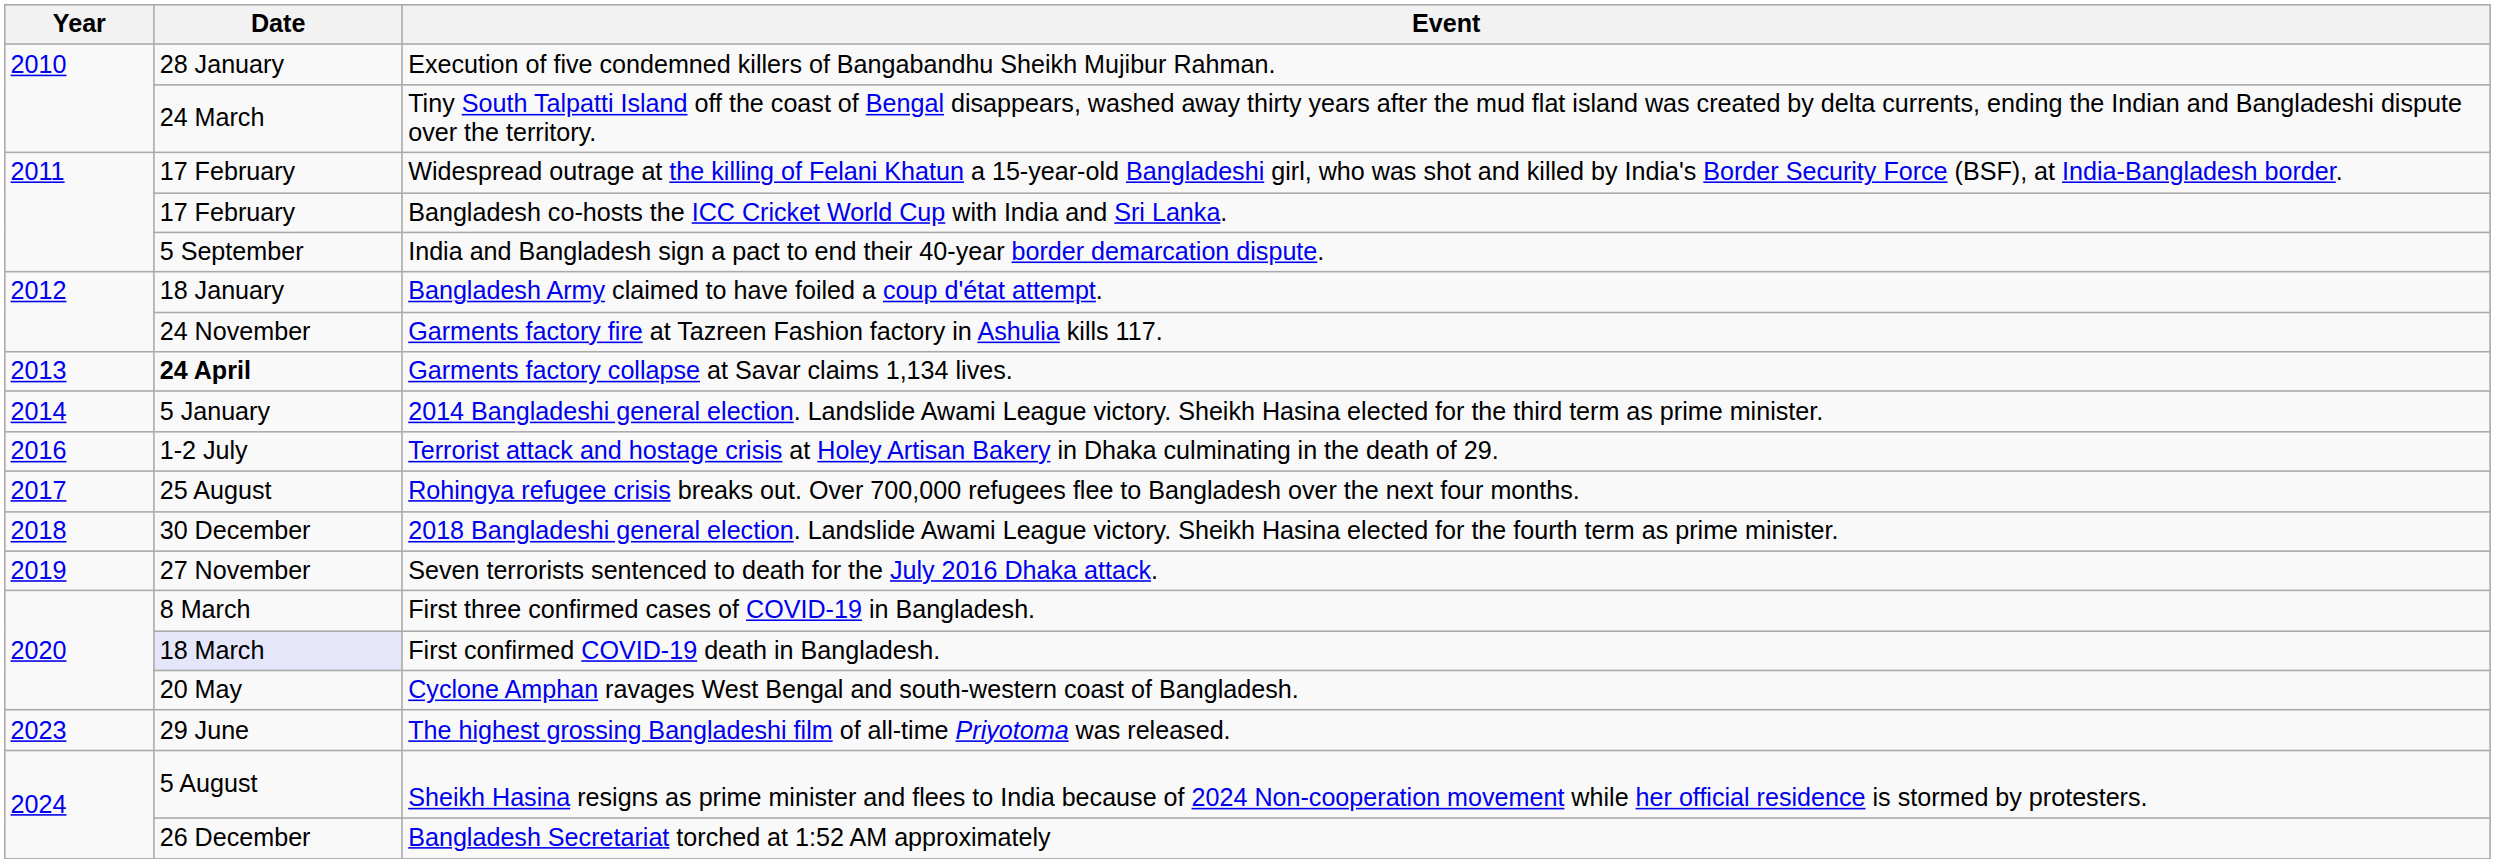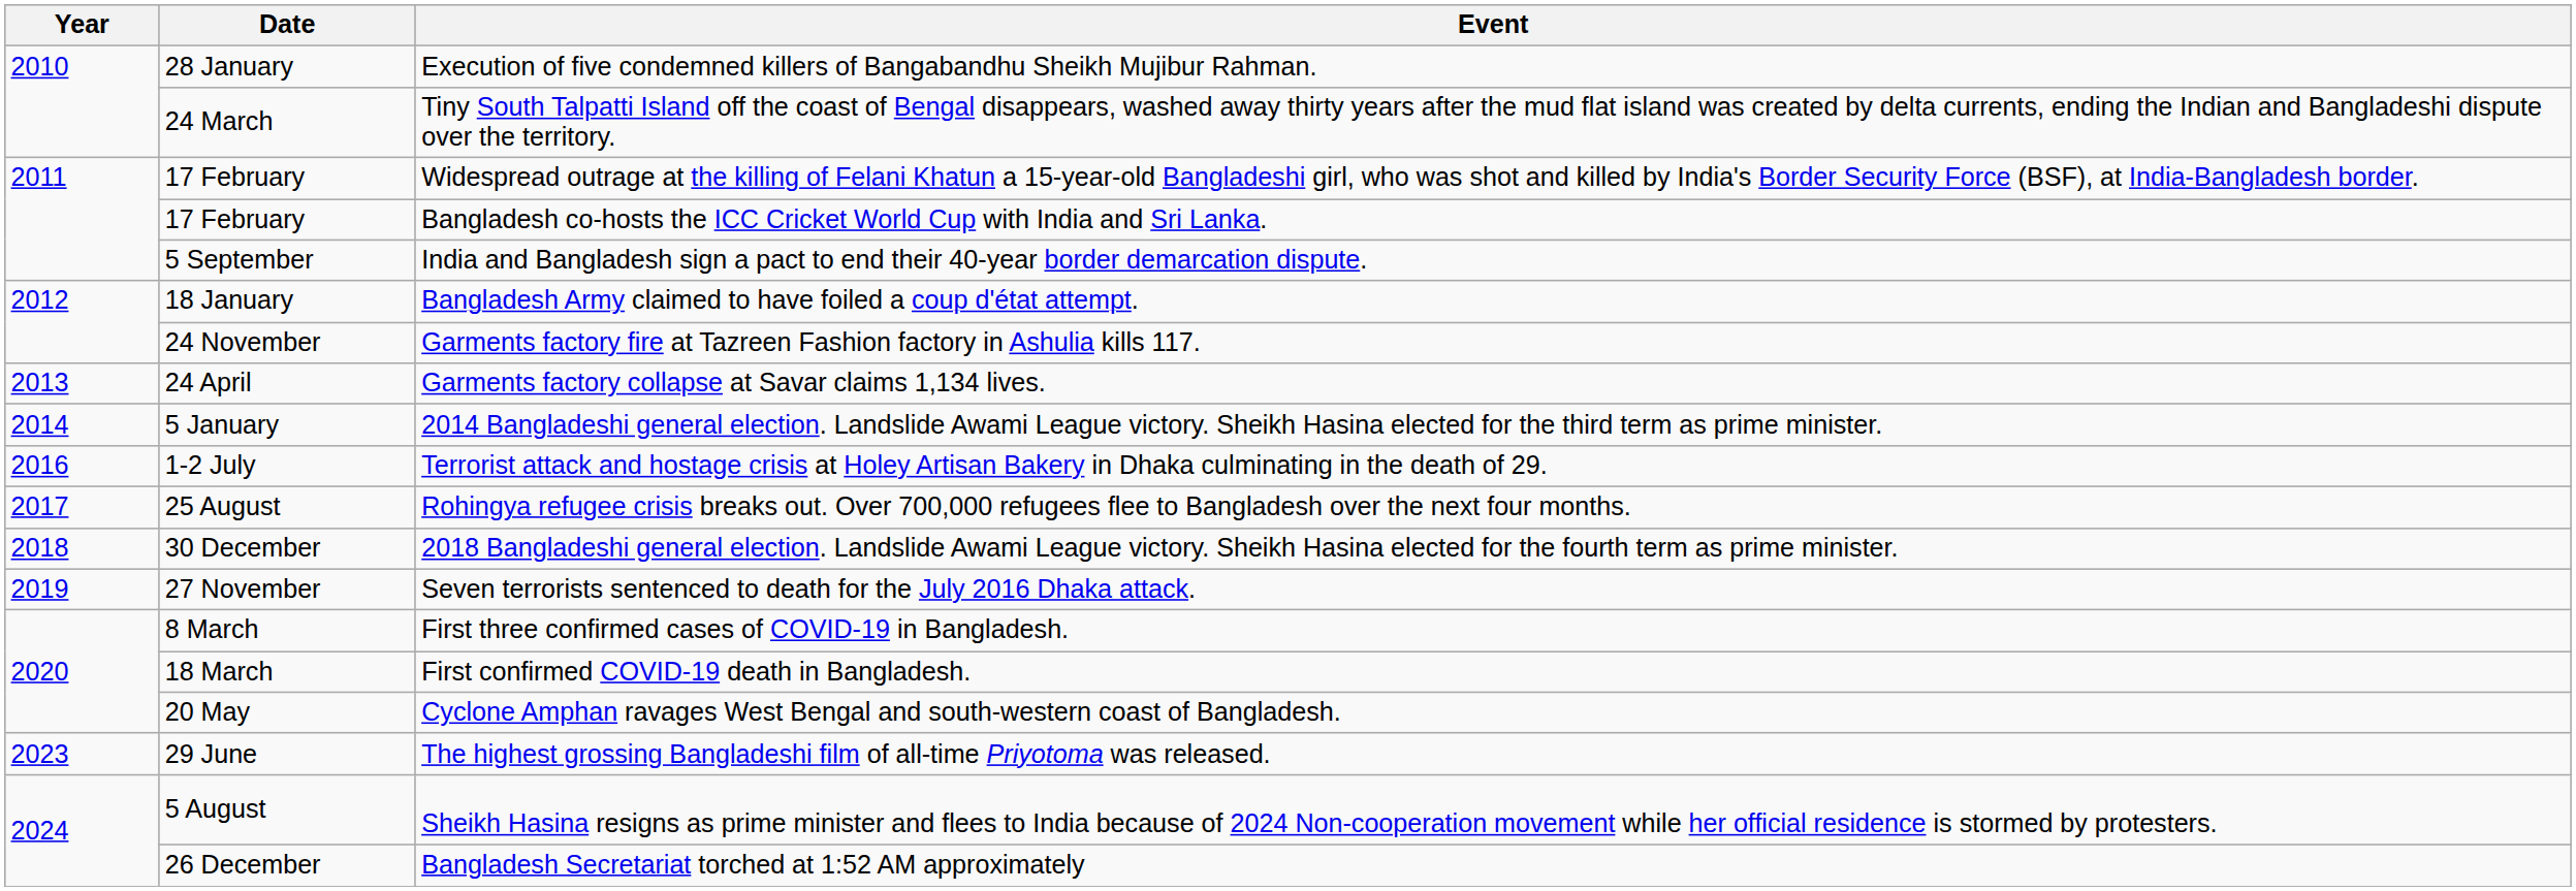 <table class="wikitable" width="100%">
 <tr>
 <th style="width:6%">Year</th>
 <th style="width:10%">Date</th>
 <th>Event</th>
 </tr>
 <tr>
 <td rowspan="2" valign="top"><a href='#'>2010</a></td>
 <td>28 January</td>
 <td>Execution of five condemned killers of Bangabandhu Sheikh Mujibur Rahman.</td>
 </tr>
 <tr>
 <td>24 March</td>
 <td>Tiny <a href='#'>South Talpatti Island</a> off the coast of <a href='#'>Bengal</a> disappears, washed away thirty years after the mud flat island was created by delta currents, ending the Indian and Bangladeshi dispute over the territory.</td>
 </tr>
 <tr>
 <td rowspan="3" valign="top"><a href='#'>2011</a></td>
 <td>17 February</td>
 <td>Widespread outrage at <a href='#'>the killing of Felani Khatun</a> a 15-year-old <a href='#'>Bangladeshi</a> girl, who was shot and killed by India's <a href='#'>Border Security Force</a> (BSF), at <a href='#'>India-Bangladesh border</a>.</td>
 </tr>
 <tr>
 <td>17 February</td>
 <td>Bangladesh co-hosts the <a href='#'>ICC Cricket World Cup</a> with India and <a href='#'>Sri Lanka</a>.</td>
 </tr>
 <tr>
 <td>5 September</td>
 <td>India and Bangladesh sign a pact to end their 40-year <a href='#'>border demarcation dispute</a>.</td>
 </tr>
 <tr>
 <td rowspan="2" valign="top"><a href='#'>2012</a></td>
 <td>18 January</td>
 <td><a href='#'>Bangladesh Army</a> claimed to have foiled a <a href='#'>coup d'état attempt</a>.</td>
 </tr>
 <tr>
 <td>24 November</td>
 <td><a href='#'>Garments factory fire</a> at Tazreen Fashion factory in <a href='#'>Ashulia</a> kills 117.</td>
 </tr>
 <tr>
 <td rowspan="1" valign="top"><a href='#'>2013</a></td>
-<td><strong>24 April</strong></td>
+<td>24 April</td>
 <td><a href='#'>Garments factory collapse</a> at Savar claims 1,134 lives.</td>
 </tr>
 <tr>
 <td rowspan="1"><a href='#'>2014</a></td>
 <td>5 January</td>
 <td><a href='#'>2014 Bangladeshi general election</a>. Landslide Awami League victory. Sheikh Hasina elected for the third term as prime minister.</td>
 </tr>
 <tr>
 <td rowspan="1"><a href='#'>2016</a></td>
 <td>1-2 July</td>
 <td><a href='#'>Terrorist attack and hostage crisis</a> at <a href='#'>Holey Artisan Bakery</a> in Dhaka culminating in the death of 29.</td>
 </tr>
 <tr>
 <td rowspan="1"><a href='#'>2017</a></td>
 <td>25 August</td>
 <td><a href='#'>Rohingya refugee crisis</a> breaks out. Over 700,000 refugees flee to Bangladesh over the next four months.</td>
 </tr>
 <tr>
 <td rowspan="1"><a href='#'>2018</a></td>
 <td>30 December</td>
 <td><a href='#'>2018 Bangladeshi general election</a>. Landslide Awami League victory. Sheikh Hasina elected for the fourth term as prime minister.</td>
 </tr>
 <tr>
 <td rowspan="1"><a href='#'>2019</a></td>
 <td>27 November</td>
 <td>Seven terrorists sentenced to death for the <a href='#'>July 2016 Dhaka attack</a>.</td>
 </tr>
 <tr>
 <td rowspan="3"><a href='#'>2020</a></td>
 <td>8 March</td>
 <td>First three confirmed cases of <a href='#'>COVID-19</a> in Bangladesh.</td>
 </tr>
 <tr>
-<td style="background: lavender;">18 March</td>
+<td>18 March</td>
 <td>First confirmed <a href='#'>COVID-19</a> death in Bangladesh.</td>
 </tr>
 <tr>
 <td>20 May</td>
 <td><a href='#'>Cyclone Amphan</a> ravages West Bengal and south-western coast of Bangladesh.</td>
 </tr>
 <tr>
 <td><a href='#'>2023</a></td>
 <td>29 June</td>
 <td><a href='#'>The highest grossing Bangladeshi film</a> of all-time <em><a href='#'>Priyotoma</a></em> was released.</td>
 </tr>
 <tr>
 <td rowspan="2"><a href='#'>2024</a></td>
 <td>5 August</td>
 <td><br><a href='#'>Sheikh Hasina</a> resigns as prime minister and flees to India because of <a href='#'>2024 Non-cooperation movement</a> while <a href='#'>her official residence</a> is stormed by protesters.</td>
 </tr>
 <tr>
 <td>26 December</td>
 <td><a href='#'>Bangladesh Secretariat</a> torched at 1:52 AM approximately</td>
 </tr>
 </table>
